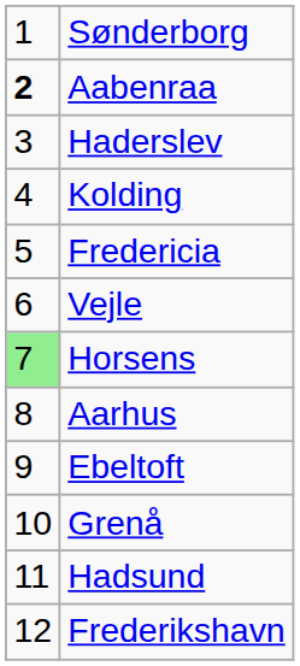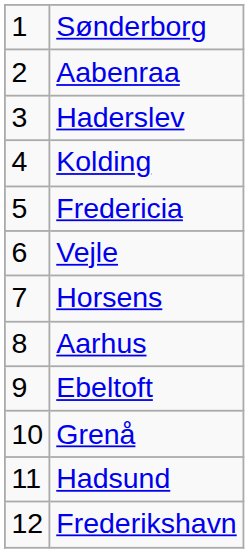 <table class="wikitable">
 <tr>
 <td>1</td>
 <td><a href='#'>Sønderborg</a></td>
 </tr>
 <tr>
-<td><strong>2</strong></td>
+<td>2</td>
 <td><a href='#'>Aabenraa</a></td>
 </tr>
 <tr>
 <td>3</td>
 <td><a href='#'>Haderslev</a></td>
 </tr>
 <tr>
 <td>4</td>
 <td><a href='#'>Kolding</a></td>
 </tr>
 <tr>
 <td>5</td>
 <td><a href='#'>Fredericia</a></td>
 </tr>
 <tr>
 <td>6</td>
 <td><a href='#'>Vejle</a></td>
 </tr>
 <tr>
-<td style="background: lightgreen;">7</td>
+<td>7</td>
 <td><a href='#'>Horsens</a></td>
 </tr>
 <tr>
 <td>8</td>
 <td><a href='#'>Aarhus</a></td>
 </tr>
 <tr>
 <td>9</td>
 <td><a href='#'>Ebeltoft</a></td>
 </tr>
 <tr>
 <td>10</td>
 <td><a href='#'>Grenå</a></td>
 </tr>
 <tr>
 <td>11</td>
 <td><a href='#'>Hadsund</a></td>
 </tr>
 <tr>
 <td>12</td>
 <td><a href='#'>Frederikshavn</a></td>
 </tr>
 </table>
